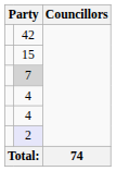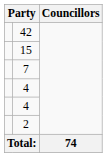 <table class="wikitable">
 <tr>
 <th colspan="2">Party</th>
 <th>Councillors</th>
 </tr>
 <tr>
 <td></td>
 <td align=center>42</td>
 </tr>
 <tr>
 <td></td>
 <td align=center>15</td>
 </tr>
 <tr>
 <td></td>
-<td align=center style="background: lightgrey;">7</td>
+<td align=center>7</td>
 </tr>
 <tr>
 <td></td>
 <td align=center>4</td>
 </tr>
 <tr>
 <td></td>
 <td align=center>4</td>
 </tr>
 <tr>
 <td></td>
-<td align=center style="background: lavender;">2</td>
+<td align=center>2</td>
 </tr>
 <tr>
 <th colspan="2">Total:</th>
 <th>74</th>
 </tr>
 </table>
